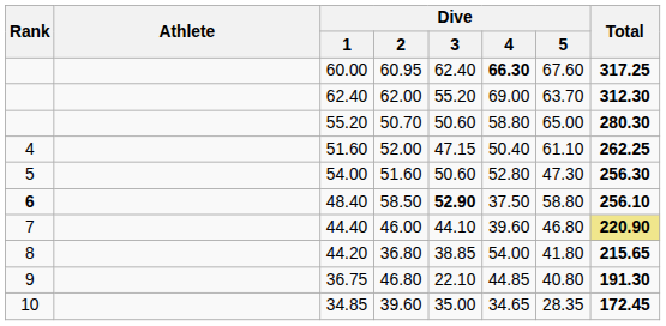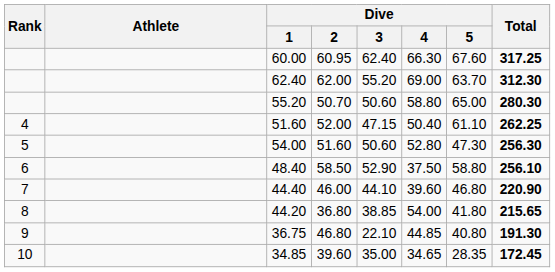 <table class=wikitable style="text-align:center">
 <tr>
 <th rowspan="2" width=40>Rank</th>
 <th rowspan="2" width=250>Athlete</th>
 <th colspan="5">Dive</th>
 <th rowspan="2" width=60>Total</th>
 </tr>
 <tr>
 <th width=45>1</th>
 <th width=45>2</th>
 <th width=45>3</th>
 <th width=45>4</th>
 <th width=45>5</th>
 </tr>
 <tr>
 <td></td>
 <td align=left></td>
 <td>60.00</td>
 <td>60.95</td>
 <td>62.40</td>
-<td><strong>66.30</strong></td>
+<td>66.30</td>
 <td>67.60</td>
 <td><strong>317.25</strong></td>
 </tr>
 <tr>
 <td></td>
 <td align=left></td>
 <td>62.40</td>
 <td>62.00</td>
 <td>55.20</td>
 <td>69.00</td>
 <td>63.70</td>
 <td><strong>312.30</strong></td>
 </tr>
 <tr>
 <td></td>
 <td align=left></td>
 <td>55.20</td>
 <td>50.70</td>
 <td>50.60</td>
 <td>58.80</td>
 <td>65.00</td>
 <td><strong>280.30</strong></td>
 </tr>
 <tr>
 <td>4</td>
 <td align=left></td>
 <td>51.60</td>
 <td>52.00</td>
 <td>47.15</td>
 <td>50.40</td>
 <td>61.10</td>
 <td><strong>262.25</strong></td>
 </tr>
 <tr>
 <td>5</td>
 <td align=left></td>
 <td>54.00</td>
 <td>51.60</td>
 <td>50.60</td>
 <td>52.80</td>
 <td>47.30</td>
 <td><strong>256.30</strong></td>
 </tr>
 <tr>
-<td><strong>6</strong></td>
+<td>6</td>
 <td align=left></td>
 <td>48.40</td>
 <td>58.50</td>
-<td><strong>52.90</strong></td>
+<td>52.90</td>
 <td>37.50</td>
 <td>58.80</td>
 <td><strong>256.10</strong></td>
 </tr>
 <tr>
 <td>7</td>
 <td align=left></td>
 <td>44.40</td>
 <td>46.00</td>
 <td>44.10</td>
 <td>39.60</td>
 <td>46.80</td>
-<td style="background: khaki;"><strong>220.90</strong></td>
+<td><strong>220.90</strong></td>
 </tr>
 <tr>
 <td>8</td>
 <td align=left></td>
 <td>44.20</td>
 <td>36.80</td>
 <td>38.85</td>
 <td>54.00</td>
 <td>41.80</td>
 <td><strong>215.65</strong></td>
 </tr>
 <tr>
 <td>9</td>
 <td align=left></td>
 <td>36.75</td>
 <td>46.80</td>
 <td>22.10</td>
 <td>44.85</td>
 <td>40.80</td>
 <td><strong>191.30</strong></td>
 </tr>
 <tr>
 <td>10</td>
 <td align=left></td>
 <td>34.85</td>
 <td>39.60</td>
 <td>35.00</td>
 <td>34.65</td>
 <td>28.35</td>
 <td><strong>172.45</strong></td>
 </tr>
 </table>
